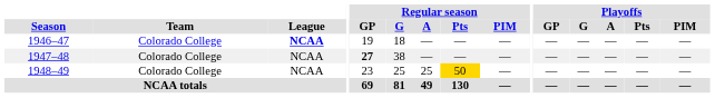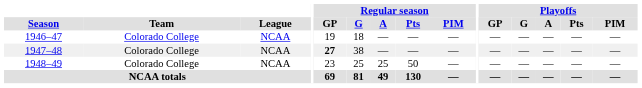 <table border="0" cellpadding="1" cellspacing="0" style="text-align:center; width:60em">
 <tr bgcolor="#e0e0e0">
 <th colspan="3" bgcolor="#ffffff"></th>
 <th rowspan="99" bgcolor="#ffffff"></th>
 <th colspan="5"><a href='#'>Regular season</a></th>
 <th rowspan="99" bgcolor="#ffffff"></th>
 <th colspan="5"><a href='#'>Playoffs</a></th>
 </tr>
 <tr bgcolor="#e0e0e0">
 <th><a href='#'>Season</a></th>
 <th>Team</th>
 <th>League</th>
 <th>GP</th>
 <th><a href='#'>G</a></th>
 <th><a href='#'>A</a></th>
 <th><a href='#'>Pts</a></th>
 <th><a href='#'>PIM</a></th>
 <th>GP</th>
 <th>G</th>
 <th>A</th>
 <th>Pts</th>
 <th>PIM</th>
 </tr>
 <tr>
 <td><a href='#'>1946–47</a></td>
 <td><a href='#'>Colorado College</a></td>
-<td><strong><a href='#'>NCAA</a></strong></td>
+<td><a href='#'>NCAA</a></td>
 <td>19</td>
 <td>18</td>
 <td>—</td>
 <td>—</td>
 <td>—</td>
 <td>—</td>
 <td>—</td>
 <td>—</td>
 <td>—</td>
 <td>—</td>
 </tr>
 <tr bgcolor="#f0f0f0">
 <td><a href='#'>1947–48</a></td>
 <td>Colorado College</td>
 <td>NCAA</td>
 <td><strong>27</strong></td>
 <td>38</td>
 <td>—</td>
 <td>—</td>
 <td>—</td>
 <td>—</td>
 <td>—</td>
 <td>—</td>
 <td>—</td>
 <td>—</td>
 </tr>
 <tr>
 <td><a href='#'>1948–49</a></td>
 <td>Colorado College</td>
 <td>NCAA</td>
 <td>23</td>
 <td>25</td>
 <td>25</td>
-<td style="background: gold;">50</td>
+<td>50</td>
 <td>—</td>
 <td>—</td>
 <td>—</td>
 <td>—</td>
 <td>—</td>
 <td>—</td>
 </tr>
 <tr bgcolor="#e0e0e0">
 <th colspan="3">NCAA totals</th>
 <th>69</th>
 <th>81</th>
 <th>49</th>
 <th>130</th>
 <th>—</th>
 <th>—</th>
 <th>—</th>
 <th>—</th>
 <th>—</th>
 <th>—</th>
 </tr>
 </table>
